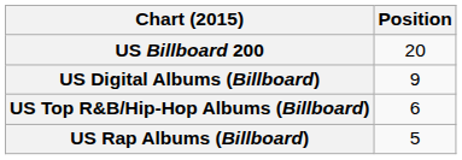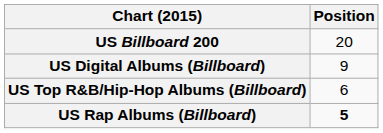 <table class="wikitable sortable plainrowheaders" style="text-align:center">
 <tr>
 <th>Chart (2015)</th>
 <th>Position</th>
 </tr>
 <tr>
 <th scope="row">US <em>Billboard</em> 200</th>
 <td>20</td>
 </tr>
 <tr>
 <th scope="row">US Digital Albums (<em>Billboard</em>)</th>
 <td>9</td>
 </tr>
 <tr>
 <th scope="row">US Top R&B/Hip-Hop Albums (<em>Billboard</em>)</th>
 <td>6</td>
 </tr>
 <tr>
 <th scope="row">US Rap Albums (<em>Billboard</em>)</th>
-<td>5</td>
+<td><strong>5</strong></td>
 </tr>
 </table>
